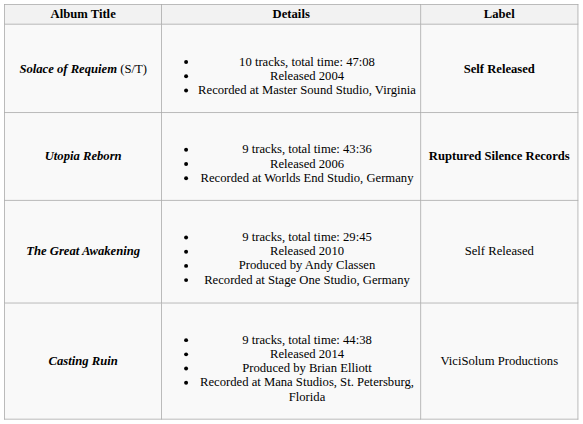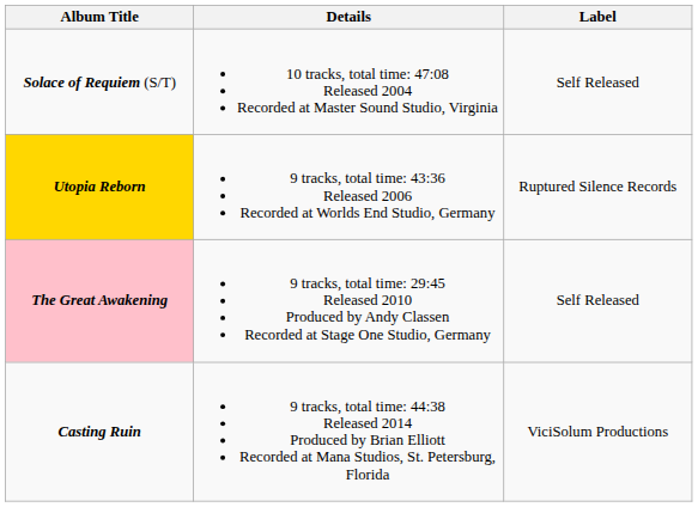 <table class="wikitable" style="text-align:center;">
 <tr>
 <th scope="col" style="width:12em;">Album Title</th>
 <th scope="col" style="width:20em;">Details</th>
 <th scope="col" style="width:12em;">Label</th>
 </tr>
 <tr>
 <td><strong><em>Solace of Requiem</em></strong> (S/T)</td>
 <td><br><ul><li>10 tracks, total time: 47:08</li><li>Released 2004</li><li>Recorded at Master Sound Studio, Virginia</li></ul></td>
-<td><strong>Self Released</strong></td>
+<td>Self Released</td>
 </tr>
 <tr>
-<td><strong><em>Utopia Reborn</em></strong></td>
+<td style="background: gold;"><strong><em>Utopia Reborn</em></strong></td>
 <td><br><ul><li>9 tracks, total time: 43:36</li><li>Released 2006</li><li>Recorded at Worlds End Studio, Germany</li></ul></td>
-<td><strong>Ruptured Silence Records</strong></td>
+<td>Ruptured Silence Records</td>
 </tr>
 <tr>
-<td><strong><em>The Great Awakening</em></strong></td>
+<td style="background: pink;"><strong><em>The Great Awakening</em></strong></td>
 <td><br><ul><li>9 tracks, total time: 29:45</li><li>Released 2010</li><li>Produced by Andy Classen</li><li>Recorded at Stage One Studio, Germany</li></ul></td>
 <td>Self Released</td>
 </tr>
 <tr>
 <td><strong><em>Casting Ruin</em></strong></td>
 <td><br><ul><li>9 tracks, total time: 44:38</li><li>Released 2014</li><li>Produced by Brian Elliott</li><li>Recorded at Mana Studios, St. Petersburg, Florida</li></ul></td>
 <td>ViciSolum Productions</td>
 </tr>
 </table>
